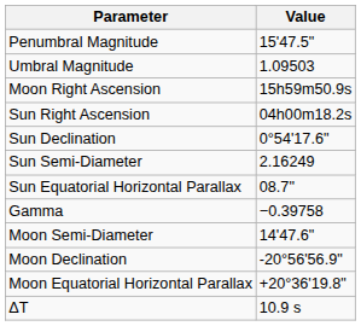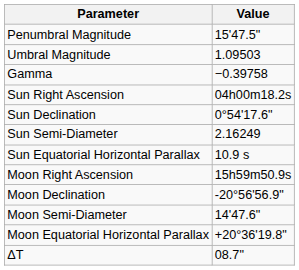 <table class="wikitable">
 <tr>
 <th>Parameter</th>
 <th>Value</th>
 </tr>
 <tr>
 <td>Penumbral Magnitude</td>
 <td>15'47.5"</td>
 </tr>
 <tr>
 <td>Umbral Magnitude</td>
 <td>1.09503</td>
 </tr>
 <tr>
-<td>Moon Right Ascension</td>
-<td>15h59m50.9s</td>
+<td>Gamma</td>
+<td>−0.39758</td>
 </tr>
 <tr>
 <td>Sun Right Ascension</td>
 <td>04h00m18.2s</td>
 </tr>
 <tr>
 <td>Sun Declination</td>
 <td>0°54'17.6"</td>
 </tr>
 <tr>
 <td>Sun Semi-Diameter</td>
 <td>2.16249</td>
 </tr>
 <tr>
 <td>Sun Equatorial Horizontal Parallax</td>
-<td>08.7"</td>
+<td>10.9 s</td>
 </tr>
 <tr>
-<td>Gamma</td>
-<td>−0.39758</td>
+<td>Moon Right Ascension</td>
+<td>15h59m50.9s</td>
+</tr>
+<tr>
+<td>Moon Declination</td>
+<td>-20°56'56.9"</td>
 </tr>
 <tr>
 <td>Moon Semi-Diameter</td>
 <td>14'47.6"</td>
-</tr>
-<tr>
-<td>Moon Declination</td>
-<td>-20°56'56.9"</td>
 </tr>
 <tr>
 <td>Moon Equatorial Horizontal Parallax</td>
 <td>+20°36'19.8"</td>
 </tr>
 <tr>
 <td>ΔT</td>
-<td>10.9 s</td>
+<td>08.7"</td>
 </tr>
 </table>
